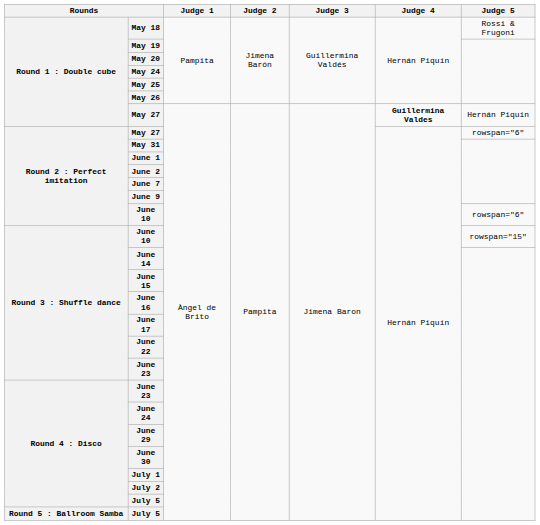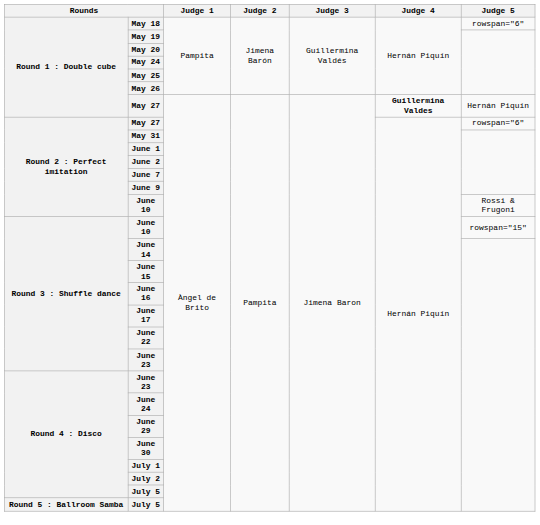 <table class="wikitable" style="text-align:center">
 <tr>
 <th colspan="2">Rounds</th>
 <th>Judge 1</th>
 <th>Judge 2</th>
 <th>Judge 3</th>
 <th>Judge 4</th>
 <th>Judge 5</th>
 </tr>
 <tr>
 <th rowspan="7">Round 1 : Double cube</th>
 <th>May 18</th>
 <td rowspan="6">Pampita</td>
 <td rowspan="6">Jimena Barón</td>
 <td rowspan="6">Guillermina Valdés</td>
 <td rowspan="6">Hernán Piquín</td>
-<td>Rossi & Frugoni</td>
+<td>rowspan="6"</td>
 </tr>
 <tr>
 <th>May 19</th>
 </tr>
 <tr>
 <th>May 20</th>
 </tr>
 <tr>
 <th>May 24</th>
 </tr>
 <tr>
 <th>May 25</th>
 </tr>
 <tr>
 <th>May 26</th>
 </tr>
 <tr>
 <th>May 27</th>
 <td rowspan="23">Àngel de Brito</td>
 <td rowspan="23">Pampita</td>
 <td rowspan="23">Jimena Baron</td>
 <td><strong>Guillermina Valdes</strong></td>
 <td>Hernán Piquín</td>
 </tr>
 <tr>
 <th rowspan="7">Round 2 : Perfect imitation</th>
 <th>May 27</th>
 <td rowspan="22">Hernán Piquín</td>
 <td>rowspan="6"</td>
 </tr>
 <tr>
 <th>May 31</th>
 </tr>
 <tr>
 <th>June 1</th>
 </tr>
 <tr>
 <th>June 2</th>
 </tr>
 <tr>
 <th>June 7</th>
 </tr>
 <tr>
 <th>June 9</th>
 </tr>
 <tr>
 <th>June 10</th>
-<td>rowspan="6"</td>
+<td>Rossi & Frugoni</td>
 </tr>
 <tr>
 <th rowspan="7">Round 3 : Shuffle dance</th>
 <th>June 10</th>
 <td>rowspan="15"</td>
 </tr>
 <tr>
 <th>June 14</th>
 </tr>
 <tr>
 <th>June 15</th>
 </tr>
 <tr>
 <th>June 16</th>
 </tr>
 <tr>
 <th>June 17</th>
 </tr>
 <tr>
 <th>June 22</th>
 </tr>
 <tr>
 <th>June 23</th>
 </tr>
 <tr>
 <th rowspan="7">Round 4 : Disco</th>
 <th>June 23</th>
 </tr>
 <tr>
 <th>June 24</th>
 </tr>
 <tr>
 <th>June 29</th>
 </tr>
 <tr>
 <th>June 30</th>
 </tr>
 <tr>
 <th>July 1</th>
 </tr>
 <tr>
 <th>July 2</th>
 </tr>
 <tr>
 <th>July 5</th>
 </tr>
 <tr>
 <th rowspan="7">Round 5 : Ballroom Samba</th>
 <th>July 5</th>
 </tr>
 </table>
